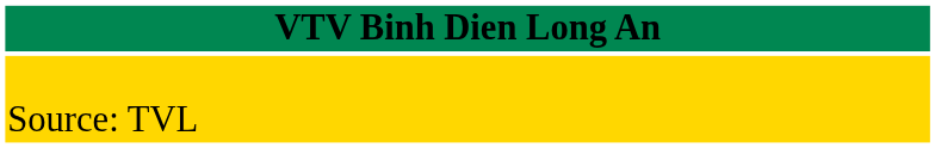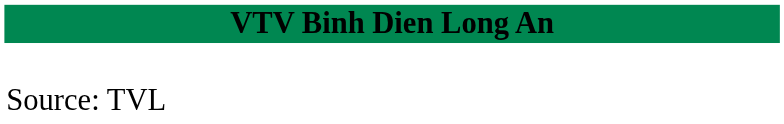 <table align="center" width="410px" class="toccolours">
 <tr>
 <th style=background:#008751><span>VTV Binh Dien Long An</span></th>
 </tr>
 <tr>
-<td style="background: gold;"><div><br>        </div>  Source: TVL</td>
+<td><div><br>        </div>  Source: TVL</td>
 </tr>
 </table>
